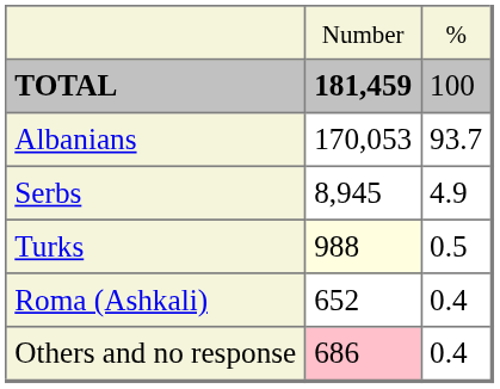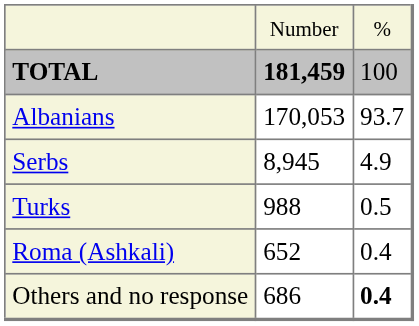 <table border="1" cellpadding="4" cellspacing="0" class="toccolours" style="align:left; margin:0.5em 0 0; border-style:solid; border:1px solid #7f7f7f; border-right-width:2px; border-bottom-width:2px; border-collapse:collapse; font-size:95%;">
 <tr style="background:beige;">
 <td style="background:beige;"></td>
 <td style="text-align:center;"><small>Number</small></td>
 <td style="text-align:center;"><small>%</small></td>
 </tr>
 <tr style="background:#c1c1c1;">
 <td><strong>TOTAL</strong></td>
 <td><strong>181,459</strong></td>
 <td>100</td>
 </tr>
 <tr>
 <td style="background:beige;"><a href='#'>Albanians</a></td>
 <td>170,053</td>
 <td>93.7</td>
 </tr>
 <tr>
 <td style="background:beige;"><a href='#'>Serbs</a></td>
 <td>8,945</td>
 <td>4.9</td>
 </tr>
 <tr>
 <td style="background:beige;"><a href='#'>Turks</a></td>
-<td style="background: lightyellow;">988</td>
+<td>988</td>
 <td>0.5</td>
 </tr>
 <tr>
 <td style="background:beige;"><a href='#'>Roma (Ashkali)</a></td>
 <td>652</td>
 <td>0.4</td>
 </tr>
 <tr>
 <td style="background:beige;">Others and no response</td>
-<td style="background: pink;">686</td>
-<td>0.4</td>
+<td>686</td>
+<td><strong>0.4</strong></td>
 </tr>
 </table>
